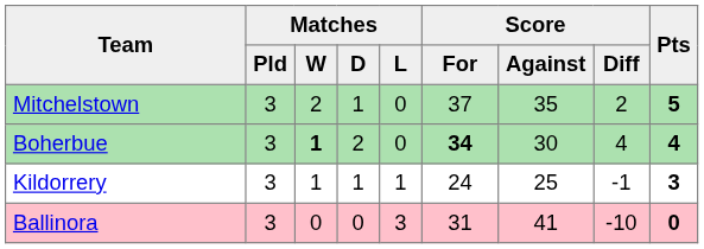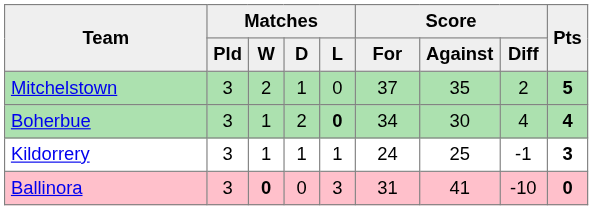 <table style=border-collapse:collapse border=1 cellspacing=0 cellpadding=5>
 <tr align=center bgcolor=#efefef>
 <th rowspan=2 width=165>Team</th>
 <th colspan=4>Matches</th>
 <th colspan=3>Score</th>
 <th rowspan=2width=20>Pts</th>
 </tr>
 <tr align=center bgcolor=#efefef>
 <th width=20>Pld</th>
 <th width=20>W</th>
 <th width=20>D</th>
 <th width=20>L</th>
 <th width=45>For</th>
 <th width=45>Against</th>
 <th width=30>Diff</th>
 </tr>
 <tr align=center style="background:#ACE1AF;">
 <td style="text-align:left;"><a href='#'>Mitchelstown</a></td>
 <td>3</td>
 <td>2</td>
 <td>1</td>
 <td>0</td>
 <td>37</td>
 <td>35</td>
 <td>2</td>
 <td><strong>5</strong></td>
 </tr>
 <tr align=center style="background:#ACE1AF;">
 <td style="text-align:left;"><a href='#'>Boherbue</a></td>
 <td>3</td>
-<td><strong>1</strong></td>
+<td>1</td>
 <td>2</td>
-<td>0</td>
-<td><strong>34</strong></td>
+<td><strong>0</strong></td>
+<td>34</td>
 <td>30</td>
 <td>4</td>
 <td><strong>4</strong></td>
 </tr>
 <tr align=center>
 <td style="text-align:left;"><a href='#'>Kildorrery</a></td>
 <td>3</td>
 <td>1</td>
 <td>1</td>
 <td>1</td>
 <td>24</td>
 <td>25</td>
 <td>-1</td>
 <td><strong>3</strong></td>
 </tr>
 <tr align=center style="background:#FFC0CB;">
 <td style="text-align:left;"><a href='#'>Ballinora</a></td>
 <td>3</td>
-<td>0</td>
+<td><strong>0</strong></td>
 <td>0</td>
 <td>3</td>
 <td>31</td>
 <td>41</td>
 <td>-10</td>
 <td><strong>0</strong></td>
 </tr>
 </table>
